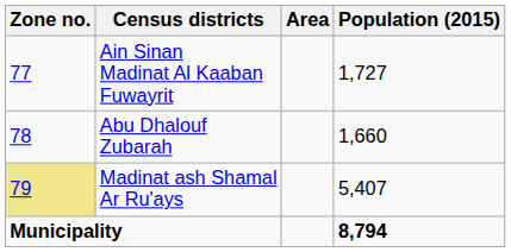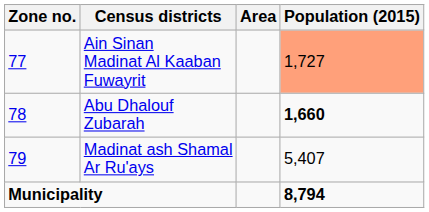 <table class="wikitable">
 <tr>
 <th>Zone no.</th>
 <th>Census districts</th>
 <th>Area</th>
 <th>Population (2015)</th>
 </tr>
 <tr>
 <td><a href='#'>77</a></td>
 <td><a href='#'>Ain Sinan</a> <br> <a href='#'>Madinat Al Kaaban</a> <br> <a href='#'>Fuwayrit</a></td>
 <td></td>
-<td>1,727</td>
+<td style="background: lightsalmon;">1,727</td>
 </tr>
 <tr>
 <td><a href='#'>78</a></td>
 <td><a href='#'>Abu Dhalouf</a> <br> <a href='#'>Zubarah</a></td>
 <td></td>
-<td>1,660</td>
+<td><strong>1,660</strong></td>
 </tr>
 <tr>
-<td style="background: khaki;"><a href='#'>79</a></td>
+<td><a href='#'>79</a></td>
 <td><a href='#'>Madinat ash Shamal</a> <br> <a href='#'>Ar Ru'ays</a></td>
 <td></td>
 <td>5,407</td>
 </tr>
 <tr>
 <td colspan="2"><strong>Municipality</strong></td>
 <td><strong></strong></td>
 <td><strong>8,794</strong></td>
 </tr>
 </table>
